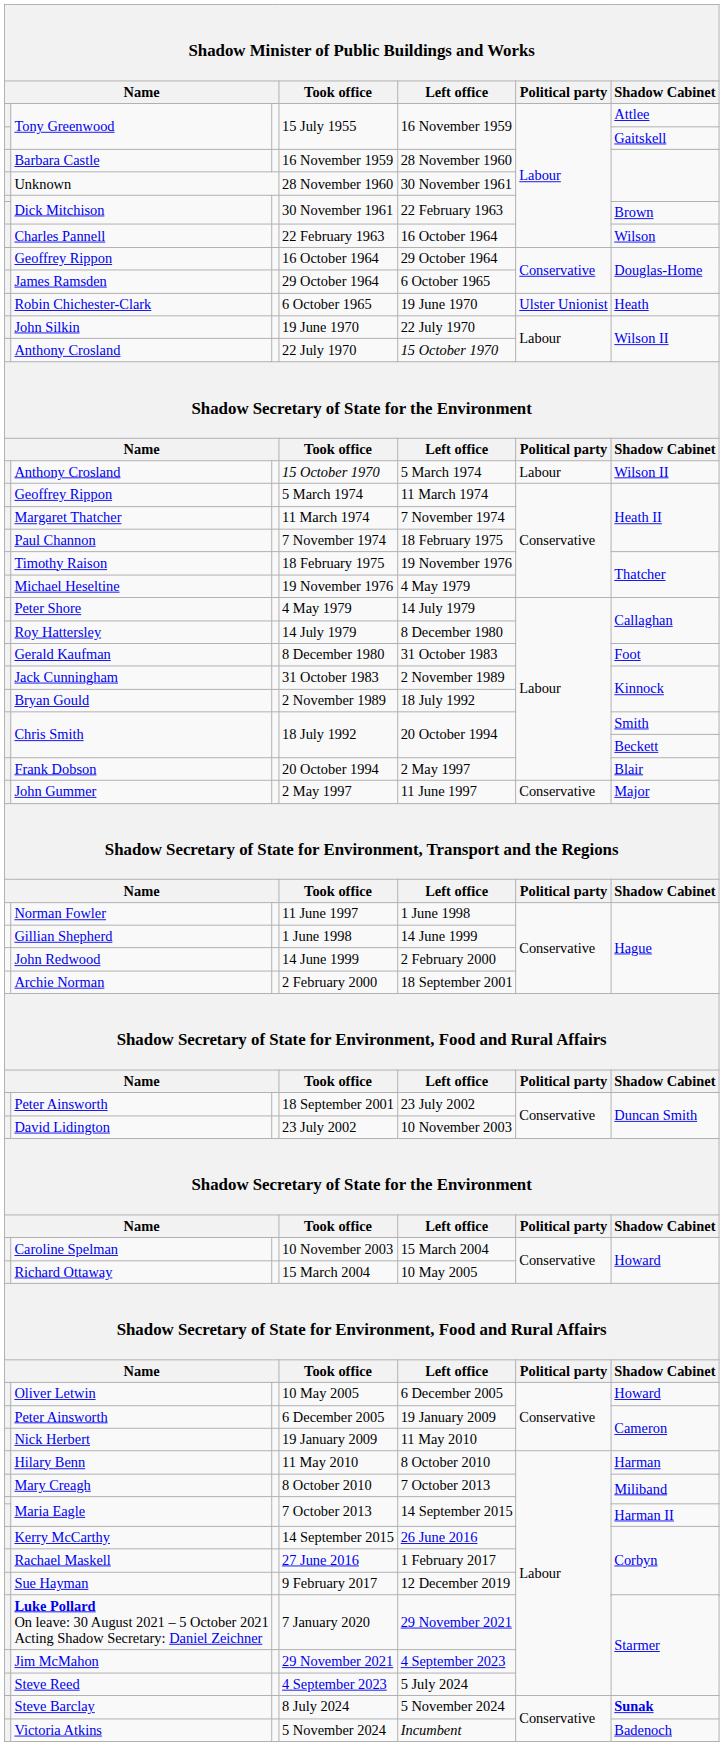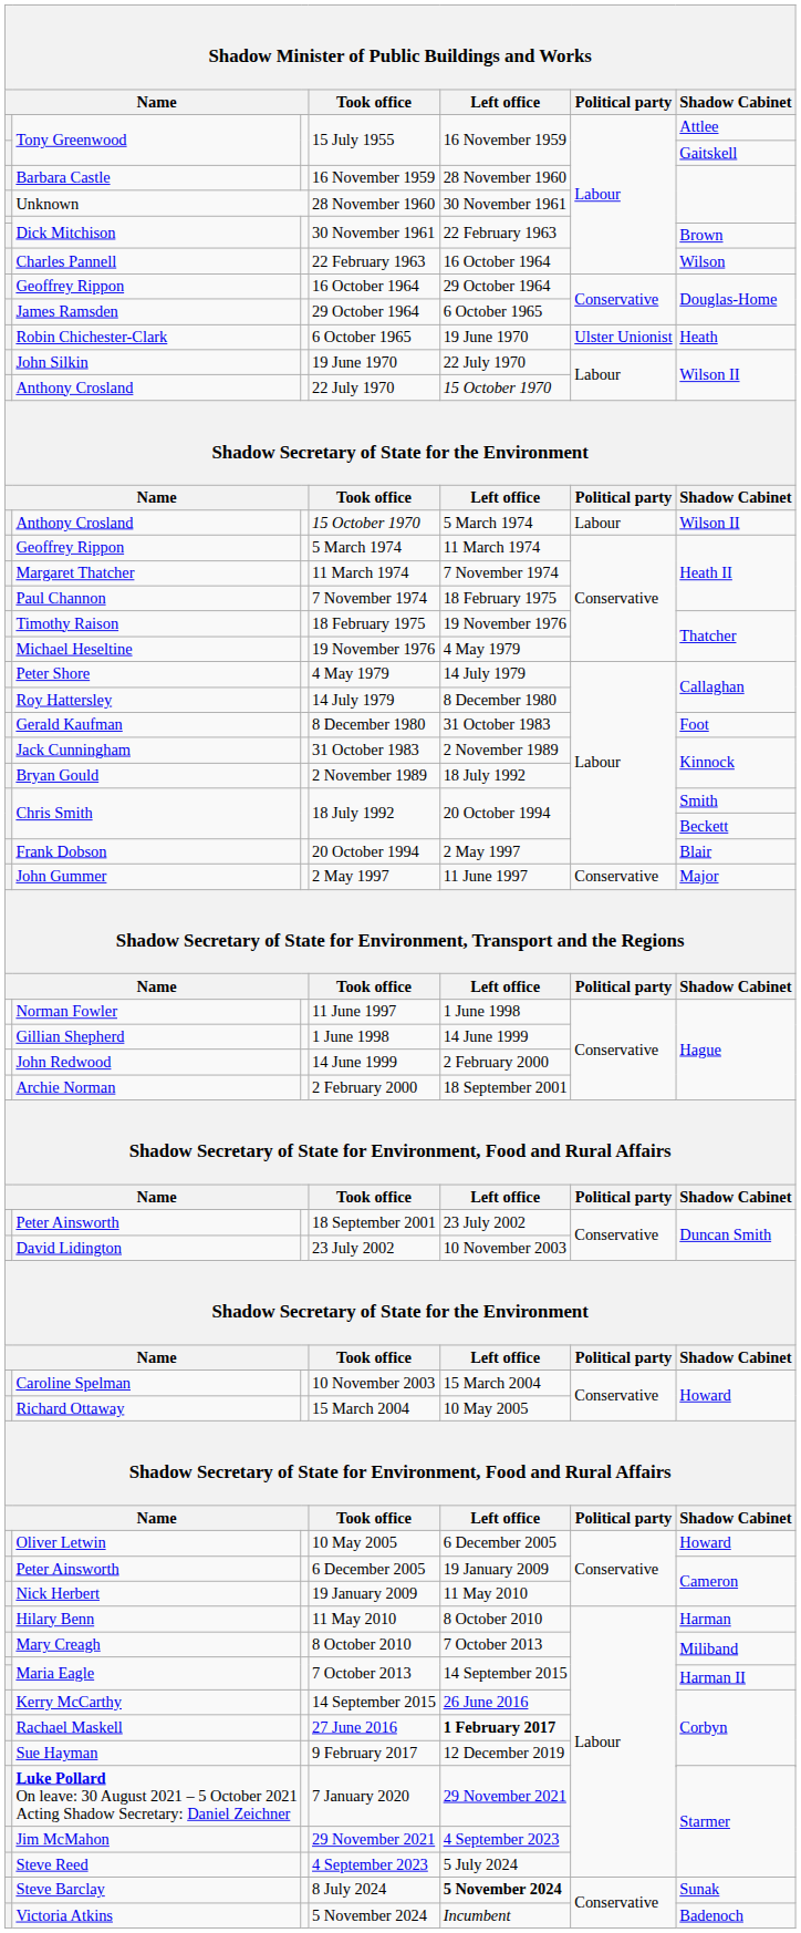 <table class="wikitable">
 <tr>
 <th colspan=7><br><h3>Shadow Minister of Public Buildings and Works</h3></th>
 </tr>
 <tr>
 <th colspan=3>Name</th>
 <th>Took office</th>
 <th>Left office</th>
 <th>Political party</th>
 <th>Shadow Cabinet</th>
 </tr>
 <tr>
 <th style="background-color: "></th>
 <td rowspan="2"><a href='#'>Tony Greenwood</a></td>
 <td rowspan="2"></td>
 <td rowspan="2">15 July 1955</td>
 <td rowspan="2">16 November 1959</td>
 <td rowspan="7"><a href='#'>Labour</a></td>
 <td><a href='#'>Attlee</a></td>
 </tr>
 <tr>
 <th style="background-color: "></th>
 <td><a href='#'>Gaitskell</a></td>
 </tr>
 <tr>
 <th style="background-color: "></th>
 <td><a href='#'>Barbara Castle</a></td>
 <td></td>
 <td>16 November 1959</td>
 <td>28 November 1960</td>
 </tr>
 <tr>
 <th style="background-color: "></th>
 <td colspan="2">Unknown</td>
 <td>28 November 1960</td>
 <td>30 November 1961</td>
 </tr>
 <tr>
 <th style="background-color: "></th>
 <td rowspan="2"><a href='#'>Dick Mitchison</a></td>
 <td rowspan="2"></td>
 <td rowspan="2">30 November 1961</td>
 <td rowspan="2">22 February 1963</td>
 </tr>
 <tr>
 <th style="background-color: "></th>
 <td><a href='#'>Brown</a></td>
 </tr>
 <tr>
 <th style="background-color: "></th>
 <td><a href='#'>Charles Pannell</a></td>
 <td></td>
 <td>22 February 1963</td>
 <td>16 October 1964</td>
 <td><a href='#'>Wilson</a></td>
 </tr>
 <tr>
 <th style="background-color: "></th>
 <td><a href='#'>Geoffrey Rippon</a></td>
 <td></td>
 <td>16 October 1964</td>
 <td>29 October 1964</td>
 <td rowspan="2"><a href='#'>Conservative</a></td>
 <td rowspan="2" ><a href='#'>Douglas-Home</a></td>
 </tr>
 <tr>
 <th style="background-color: "></th>
 <td><a href='#'>James Ramsden</a></td>
 <td></td>
 <td>29 October 1964</td>
 <td>6 October 1965</td>
 </tr>
 <tr>
 <th style="background-color: "></th>
 <td><a href='#'>Robin Chichester-Clark</a></td>
 <td></td>
 <td>6 October 1965</td>
 <td>19 June 1970</td>
 <td><a href='#'>Ulster Unionist</a></td>
 <td><a href='#'>Heath</a></td>
 </tr>
 <tr>
 <th style="background-color: "></th>
 <td><a href='#'>John Silkin</a></td>
 <td></td>
 <td>19 June 1970</td>
 <td>22 July 1970</td>
 <td rowspan="2">Labour</td>
 <td rowspan="2" ><a href='#'>Wilson II</a></td>
 </tr>
 <tr>
 <th style="background-color: "></th>
 <td><a href='#'>Anthony Crosland</a></td>
 <td></td>
 <td>22 July 1970</td>
 <td><em>15 October 1970</em></td>
 </tr>
 <tr>
 <th colspan=7><br><h3>Shadow Secretary of State for the Environment</h3></th>
 </tr>
 <tr>
 <th colspan=3>Name</th>
 <th>Took office</th>
 <th>Left office</th>
 <th>Political party</th>
 <th>Shadow Cabinet</th>
 </tr>
 <tr>
 <th style="background-color: "></th>
 <td><a href='#'>Anthony Crosland</a></td>
 <td></td>
 <td><em>15 October 1970</em></td>
 <td>5 March 1974</td>
 <td>Labour</td>
 <td><a href='#'>Wilson II</a></td>
 </tr>
 <tr>
 <th style="background-color: "></th>
 <td><a href='#'>Geoffrey Rippon</a></td>
 <td></td>
 <td>5 March 1974</td>
 <td>11 March 1974</td>
 <td rowspan="5">Conservative</td>
 <td rowspan="3" ><a href='#'>Heath II</a></td>
 </tr>
 <tr>
 <th style="background-color: "></th>
 <td><a href='#'>Margaret Thatcher</a></td>
 <td></td>
 <td>11 March 1974</td>
 <td>7 November 1974</td>
 </tr>
 <tr>
 <th style="background-color: "></th>
 <td><a href='#'>Paul Channon</a></td>
 <td></td>
 <td>7 November 1974</td>
 <td>18 February 1975</td>
 </tr>
 <tr>
 <th style="background-color: "></th>
 <td><a href='#'>Timothy Raison</a></td>
 <td></td>
 <td>18 February 1975</td>
 <td>19 November 1976</td>
 <td rowspan="2" ><a href='#'>Thatcher</a></td>
 </tr>
 <tr>
 <th style="background-color: "></th>
 <td><a href='#'>Michael Heseltine</a></td>
 <td></td>
 <td>19 November 1976</td>
 <td>4 May 1979</td>
 </tr>
 <tr>
 <th style="background-color: "></th>
 <td><a href='#'>Peter Shore</a></td>
 <td></td>
 <td>4 May 1979</td>
 <td>14 July 1979</td>
 <td rowspan="8">Labour</td>
 <td rowspan="2" ><a href='#'>Callaghan</a></td>
 </tr>
 <tr>
 <th style="background-color: "></th>
 <td><a href='#'>Roy Hattersley</a></td>
 <td></td>
 <td>14 July 1979</td>
 <td>8 December 1980</td>
 </tr>
 <tr>
 <th style="background-color: "></th>
 <td><a href='#'>Gerald Kaufman</a></td>
 <td></td>
 <td>8 December 1980</td>
 <td>31 October 1983</td>
 <td><a href='#'>Foot</a></td>
 </tr>
 <tr>
 <th style="background-color: "></th>
 <td><a href='#'>Jack Cunningham</a></td>
 <td></td>
 <td>31 October 1983</td>
 <td>2 November 1989</td>
 <td rowspan=2 ><a href='#'>Kinnock</a></td>
 </tr>
 <tr>
 <th style="background-color: "></th>
 <td><a href='#'>Bryan Gould</a></td>
 <td></td>
 <td>2 November 1989</td>
 <td>18 July 1992</td>
 </tr>
 <tr>
 <th rowspan=2 style="background-color: "></th>
 <td rowspan=2><a href='#'>Chris Smith</a></td>
 <td rowspan=2></td>
 <td rowspan=2>18 July 1992</td>
 <td rowspan=2>20 October 1994</td>
 <td><a href='#'>Smith</a></td>
 </tr>
 <tr>
 <td><a href='#'>Beckett</a></td>
 </tr>
 <tr>
 <th style="background-color: "></th>
 <td><a href='#'>Frank Dobson</a></td>
 <td></td>
 <td>20 October 1994</td>
 <td>2 May 1997</td>
 <td><a href='#'>Blair</a></td>
 </tr>
 <tr>
 <th style="background-color: "></th>
 <td><a href='#'>John Gummer</a></td>
 <td></td>
 <td>2 May 1997</td>
 <td>11 June 1997</td>
 <td>Conservative</td>
 <td><a href='#'>Major</a></td>
 </tr>
 <tr>
 <th colspan=7><br><h3>Shadow Secretary of State for Environment, Transport and the Regions</h3></th>
 </tr>
 <tr>
 <th colspan="3">Name</th>
 <th>Took office</th>
 <th>Left office</th>
 <th>Political party</th>
 <th>Shadow Cabinet</th>
 </tr>
 <tr>
 <td style="background-color: "></td>
 <td><a href='#'>Norman Fowler</a></td>
 <td></td>
 <td>11 June 1997</td>
 <td>1 June 1998</td>
 <td rowspan="4">Conservative</td>
 <td rowspan=4 ><a href='#'>Hague</a></td>
 </tr>
 <tr>
 <td style="background-color: "></td>
 <td><a href='#'>Gillian Shepherd</a></td>
 <td></td>
 <td>1 June 1998</td>
 <td>14 June 1999</td>
 </tr>
 <tr>
 <td style="background-color: "></td>
 <td><a href='#'>John Redwood</a></td>
 <td></td>
 <td>14 June 1999</td>
 <td>2 February 2000</td>
 </tr>
 <tr>
 <td style="background-color: "></td>
 <td><a href='#'>Archie Norman</a></td>
 <td></td>
 <td>2 February 2000</td>
 <td>18 September 2001</td>
 </tr>
 <tr>
 <th colspan=7><br><h3>Shadow Secretary of State for Environment, Food and Rural Affairs</h3></th>
 </tr>
 <tr>
 <th colspan="3">Name</th>
 <th>Took office</th>
 <th>Left office</th>
 <th>Political party</th>
 <th>Shadow Cabinet</th>
 </tr>
 <tr>
 <th style="background-color: "></th>
 <td><a href='#'>Peter Ainsworth</a></td>
 <td></td>
 <td>18 September 2001</td>
 <td>23 July 2002</td>
 <td rowspan="2">Conservative</td>
 <td rowspan="2" ><a href='#'>Duncan Smith</a></td>
 </tr>
 <tr>
 <th style="background-color: "></th>
 <td><a href='#'>David Lidington</a></td>
 <td></td>
 <td>23 July 2002</td>
 <td>10 November 2003</td>
 </tr>
 <tr>
 <th colspan=7><br><h3>Shadow Secretary of State for the Environment</h3></th>
 </tr>
 <tr>
 <th colspan=3>Name</th>
 <th>Took office</th>
 <th>Left office</th>
 <th>Political party</th>
 <th>Shadow Cabinet</th>
 </tr>
 <tr>
 <th style="background-color: "></th>
 <td><a href='#'>Caroline Spelman</a></td>
 <td></td>
 <td>10 November 2003</td>
 <td>15 March 2004</td>
 <td rowspan="2">Conservative</td>
 <td rowspan=2 ><a href='#'>Howard</a></td>
 </tr>
 <tr>
 <th style="background-color: "></th>
 <td><a href='#'>Richard Ottaway</a></td>
 <td></td>
 <td>15 March 2004</td>
 <td>10 May 2005</td>
 </tr>
 <tr>
 <th colspan=7><br><h3>Shadow Secretary of State for Environment, Food and Rural Affairs</h3></th>
 </tr>
 <tr>
 <th colspan=3>Name</th>
 <th>Took office</th>
 <th>Left office</th>
 <th>Political party</th>
 <th>Shadow Cabinet</th>
 </tr>
 <tr>
 <th style="background-color: "></th>
 <td><a href='#'>Oliver Letwin</a></td>
 <td></td>
 <td>10 May 2005</td>
 <td>6 December 2005</td>
 <td rowspan="3">Conservative</td>
 <td><a href='#'>Howard</a></td>
 </tr>
 <tr>
 <th style="background-color: "></th>
 <td><a href='#'>Peter Ainsworth</a></td>
 <td></td>
 <td>6 December 2005</td>
 <td>19 January 2009</td>
 <td rowspan=2 ><a href='#'>Cameron</a></td>
 </tr>
 <tr>
 <th style="background-color: "></th>
 <td><a href='#'>Nick Herbert</a></td>
 <td></td>
 <td>19 January 2009</td>
 <td>11 May 2010</td>
 </tr>
 <tr>
 <th style="background-color: "></th>
 <td><a href='#'>Hilary Benn</a></td>
 <td></td>
 <td>11 May 2010</td>
 <td>8 October 2010</td>
 <td rowspan="11">Labour</td>
 <td><a href='#'>Harman</a></td>
 </tr>
 <tr>
 <th style="background-color: "></th>
 <td><a href='#'>Mary Creagh</a></td>
 <td></td>
 <td>8 October 2010</td>
 <td>7 October 2013</td>
 <td rowspan=2 ><a href='#'>Miliband</a></td>
 </tr>
 <tr>
 <th style="background-color: "></th>
 <td rowspan=2><a href='#'>Maria Eagle</a></td>
 <td rowspan=2></td>
 <td rowspan=2>7 October 2013</td>
 <td rowspan=2>14 September 2015</td>
 </tr>
 <tr>
 <th style="background-color: "></th>
 <td><a href='#'>Harman II</a></td>
 </tr>
 <tr>
 <th style="background-color: "></th>
 <td><a href='#'>Kerry McCarthy</a></td>
 <td></td>
 <td>14 September 2015</td>
 <td><a href='#'>26 June 2016</a></td>
 <td rowspan="4" ><a href='#'>Corbyn</a></td>
 </tr>
 <tr>
 <th style="background-color: "></th>
 <td><a href='#'>Rachael Maskell</a></td>
 <td></td>
 <td><a href='#'>27 June 2016</a></td>
-<td>1 February 2017</td>
+<td><strong>1 February 2017</strong></td>
 </tr>
 <tr>
 <th style="background-color: "></th>
 <td><a href='#'>Sue Hayman</a></td>
 <td></td>
 <td>9 February 2017</td>
 <td>12 December 2019</td>
 </tr>
 <tr>
 <th rowspan="2" style="background-color: "></th>
 <td rowspan="2"><strong><a href='#'>Luke Pollard</a></strong><br>On leave: 30 August 2021 – 5 October 2021<br>Acting Shadow Secretary: <a href='#'>Daniel Zeichner</a></td>
 <td rowspan="2"></td>
 <td rowspan="2">7 January 2020</td>
 <td rowspan="2"><a href='#'>29 November 2021</a></td>
 </tr>
 <tr>
 <td rowspan="3" ><a href='#'>Starmer</a></td>
 </tr>
 <tr>
 <th style="background-color: "></th>
 <td><a href='#'>Jim McMahon</a></td>
 <td></td>
 <td><a href='#'>29 November 2021</a></td>
 <td><a href='#'>4 September 2023</a></td>
 </tr>
 <tr>
 <th style="background-color: "></th>
 <td><a href='#'>Steve Reed</a></td>
 <td></td>
 <td><a href='#'>4 September 2023</a></td>
 <td>5 July 2024</td>
 </tr>
 <tr>
 <th style="background-color: "></th>
 <td><a href='#'>Steve Barclay</a></td>
 <td></td>
 <td>8 July 2024</td>
-<td>5 November 2024</td>
+<td><strong>5 November 2024</strong></td>
 <td rowspan="2">Conservative</td>
-<td><strong><a href='#'>Sunak</a></strong></td>
+<td><a href='#'>Sunak</a></td>
 </tr>
 <tr>
 <th style="background-color: "></th>
 <td><a href='#'>Victoria Atkins</a></td>
 <td></td>
 <td>5 November 2024</td>
 <td><em>Incumbent</em></td>
 <td><a href='#'>Badenoch</a></td>
 </tr>
 </table>
